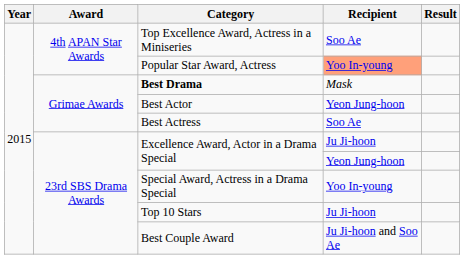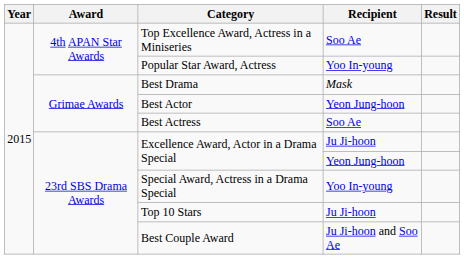 <table class="wikitable">
 <tr>
 <th>Year</th>
 <th>Award</th>
 <th>Category</th>
 <th>Recipient</th>
 <th>Result</th>
 </tr>
 <tr>
 <td rowspan="12">2015</td>
 <td rowspan="2" style="text-align:center;"><a href='#'>4th</a> <a href='#'>APAN Star Awards</a></td>
 <td>Top Excellence Award, Actress in a Miniseries</td>
 <td><a href='#'>Soo Ae</a></td>
 <td></td>
 </tr>
 <tr>
 <td>Popular Star Award, Actress</td>
-<td style="background: lightsalmon;"><a href='#'>Yoo In-young</a></td>
+<td><a href='#'>Yoo In-young</a></td>
 <td></td>
 </tr>
 <tr>
 <td rowspan="3" style="text-align:center;"><a href='#'>Grimae Awards</a></td>
-<td><strong>Best Drama</strong></td>
+<td>Best Drama</td>
 <td><em>Mask</em></td>
 <td></td>
 </tr>
 <tr>
 <td>Best Actor</td>
 <td><a href='#'>Yeon Jung-hoon</a></td>
 <td></td>
 </tr>
 <tr>
 <td>Best Actress</td>
 <td><a href='#'>Soo Ae</a></td>
 <td></td>
 </tr>
 <tr>
 <td rowspan="5" style="text-align:center;"><a href='#'>23rd SBS Drama Awards</a></td>
 <td rowspan="2">Excellence Award, Actor in a Drama Special</td>
 <td><a href='#'>Ju Ji-hoon</a></td>
 <td></td>
 </tr>
 <tr>
 <td><a href='#'>Yeon Jung-hoon</a></td>
 <td></td>
 </tr>
 <tr>
 <td>Special Award, Actress in a Drama Special</td>
 <td><a href='#'>Yoo In-young</a></td>
 <td></td>
 </tr>
 <tr>
 <td>Top 10 Stars</td>
 <td><a href='#'>Ju Ji-hoon</a></td>
 <td></td>
 </tr>
 <tr>
 <td>Best Couple Award</td>
 <td><a href='#'>Ju Ji-hoon</a> and <a href='#'>Soo Ae</a></td>
 <td></td>
 </tr>
 </table>
